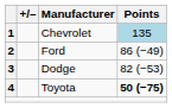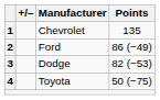 <table class="wikitable">
 <tr>
 <th scope="col"></th>
 <th scope="col">+/–</th>
 <th scope="col">Manufacturer</th>
 <th scope="col">Points</th>
 </tr>
 <tr>
 <th scope="row"><strong>1</strong></th>
 <td align="left"></td>
 <td>Chevrolet</td>
-<td style="background: lightblue; text-align:center;">135</td>
+<td style="text-align:center;">135</td>
 </tr>
 <tr>
 <th scope="row"><strong>2</strong></th>
 <td align="left"></td>
 <td>Ford</td>
 <td style="text-align:center;">86 (−49)</td>
 </tr>
 <tr>
 <th scope="row"><strong>3</strong></th>
 <td align="left"></td>
 <td>Dodge</td>
 <td style="text-align:center;">82 (−53)</td>
 </tr>
 <tr>
 <th scope="row"><strong>4</strong></th>
 <td align="left"></td>
 <td>Toyota</td>
-<td style="text-align:center;"><strong>50  (−75)</strong></td>
+<td style="text-align:center;">50  (−75)</td>
 </tr>
 <tr class="sortbottom">
 <td colspan="9"></td>
 </tr>
 </table>
